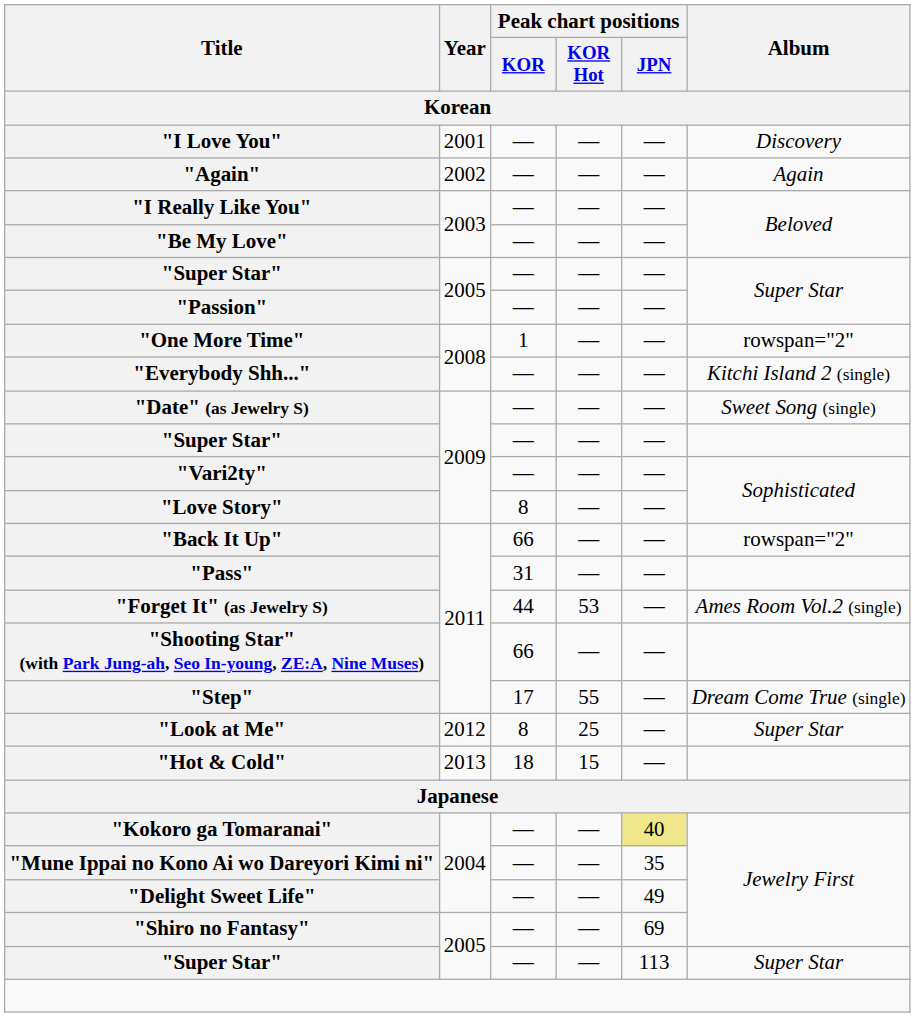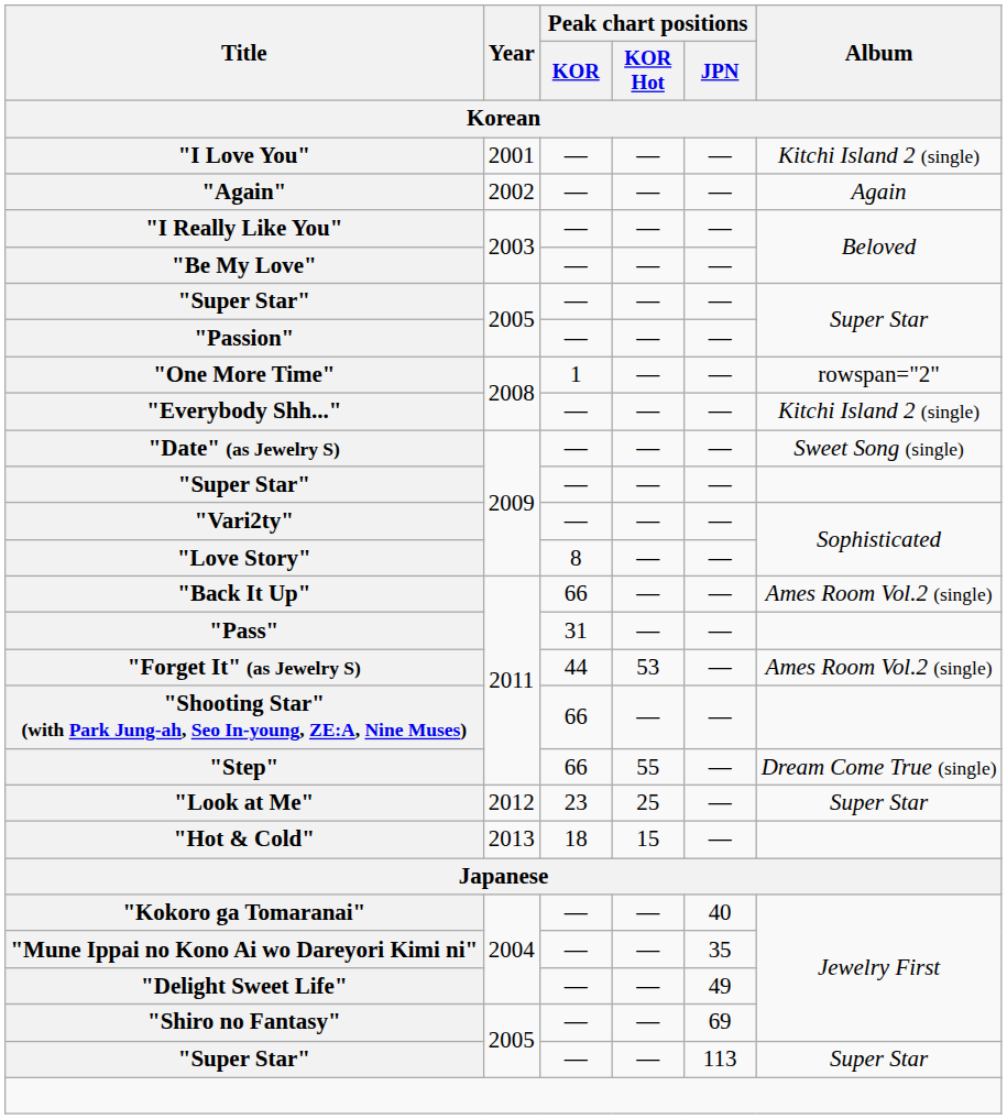 <table class="wikitable plainrowheaders" style="text-align:center;">
 <tr>
 <th scope="col" rowspan="2">Title</th>
 <th scope="col" rowspan="2">Year</th>
 <th scope="col" colspan="3">Peak chart positions</th>
 <th scope="col" rowspan="2">Album</th>
 </tr>
 <tr>
 <th scope="col" style="width:3em;font-size:90%;"><a href='#'>KOR</a><br></th>
 <th scope="col" style="width:3em;font-size:90%;"><a href='#'>KOR Hot</a><br></th>
 <th scope="col" style="width:3em;font-size:90%;"><a href='#'>JPN</a><br></th>
 </tr>
 <tr>
 <th scope="col" colspan="6">Korean</th>
 </tr>
 <tr>
 <th scope="row">"I Love You"</th>
 <td>2001</td>
 <td>—</td>
 <td>—</td>
 <td>—</td>
-<td><em>Discovery</em></td>
+<td><em>Kitchi Island 2</em> <small>(single)</small></td>
 </tr>
 <tr>
 <th scope="row">"Again"</th>
 <td>2002</td>
 <td>—</td>
 <td>—</td>
 <td>—</td>
 <td><em>Again</em></td>
 </tr>
 <tr>
 <th scope="row">"I Really Like You"</th>
 <td rowspan="2">2003</td>
 <td>—</td>
 <td>—</td>
 <td>—</td>
 <td rowspan="2"><em>Beloved</em></td>
 </tr>
 <tr>
 <th scope="row">"Be My Love"</th>
 <td>—</td>
 <td>—</td>
 <td>—</td>
 </tr>
 <tr>
 <th scope="row">"Super Star"</th>
 <td rowspan="2">2005</td>
 <td>—</td>
 <td>—</td>
 <td>—</td>
 <td rowspan="2"><em>Super Star</em></td>
 </tr>
 <tr>
 <th scope="row">"Passion"</th>
 <td>—</td>
 <td>—</td>
 <td>—</td>
 </tr>
 <tr>
 <th scope="row">"One More Time"</th>
 <td rowspan="2">2008</td>
 <td>1</td>
 <td>—</td>
 <td>—</td>
 <td>rowspan="2" </td>
 </tr>
 <tr>
 <th scope="row">"Everybody Shh..."</th>
 <td>—</td>
 <td>—</td>
 <td>—</td>
 <td><em>Kitchi Island 2</em> <small>(single)</small></td>
 </tr>
 <tr>
 <th scope="row">"Date" <small>(as Jewelry S)</small></th>
 <td rowspan="4">2009</td>
 <td>—</td>
 <td>—</td>
 <td>—</td>
 <td><em>Sweet Song</em> <small>(single)</small></td>
 </tr>
 <tr>
 <th scope="row">"Super Star"</th>
 <td>—</td>
 <td>—</td>
 <td>—</td>
 <td></td>
 </tr>
 <tr>
 <th scope="row">"Vari2ty"</th>
 <td>—</td>
 <td>—</td>
 <td>—</td>
 <td rowspan="2"><em>Sophisticated</em></td>
 </tr>
 <tr>
 <th scope="row">"Love Story"</th>
 <td>8</td>
 <td>—</td>
 <td>—</td>
 </tr>
 <tr>
 <th scope="row">"Back It Up"</th>
 <td rowspan="5">2011</td>
 <td>66</td>
 <td>—</td>
 <td>—</td>
-<td>rowspan="2" </td>
+<td><em>Ames Room Vol.2</em> <small>(single)</small></td>
 </tr>
 <tr>
 <th scope="row">"Pass"</th>
 <td>31</td>
 <td>—</td>
 <td>—</td>
 </tr>
 <tr>
 <th scope="row">"Forget It" <small>(as Jewelry S)</small></th>
 <td>44</td>
 <td>53</td>
 <td>—</td>
 <td><em>Ames Room Vol.2</em> <small>(single)</small></td>
 </tr>
 <tr>
 <th scope="row">"Shooting Star" <br><small>(with <a href='#'>Park Jung-ah</a>, <a href='#'>Seo In-young</a>, <a href='#'>ZE:A</a>, <a href='#'>Nine Muses</a>)</small></th>
 <td>66</td>
 <td>—</td>
 <td>—</td>
 <td></td>
 </tr>
 <tr>
 <th scope="row">"Step"</th>
-<td>17</td>
+<td>66</td>
 <td>55</td>
 <td>—</td>
 <td><em>Dream Come True</em> <small>(single)</small></td>
 </tr>
 <tr>
 <th scope="row">"Look at Me"</th>
 <td>2012</td>
-<td>8</td>
+<td>23</td>
 <td>25</td>
 <td>—</td>
 <td><em>Super Star</em></td>
 </tr>
 <tr>
 <th scope="row">"Hot & Cold"</th>
 <td>2013</td>
 <td>18</td>
 <td>15</td>
 <td>—</td>
 <td></td>
 </tr>
 <tr>
 <th scope="col" colspan="6">Japanese</th>
 </tr>
 <tr>
 <th scope="row">"Kokoro ga Tomaranai"</th>
 <td rowspan="3">2004</td>
 <td>—</td>
 <td>—</td>
-<td style="background: khaki;">40</td>
+<td>40</td>
 <td rowspan="4"><em>Jewelry First</em></td>
 </tr>
 <tr>
 <th scope="row">"Mune Ippai no Kono Ai wo Dareyori Kimi ni"</th>
 <td>—</td>
 <td>—</td>
 <td>35</td>
 </tr>
 <tr>
 <th scope="row">"Delight Sweet Life"</th>
 <td>—</td>
 <td>—</td>
 <td>49</td>
 </tr>
 <tr>
 <th scope="row">"Shiro no Fantasy"</th>
 <td rowspan="2">2005</td>
 <td>—</td>
 <td>—</td>
 <td>69</td>
 </tr>
 <tr>
 <th scope="row">"Super Star"</th>
 <td>—</td>
 <td>—</td>
 <td>113</td>
 <td><em>Super Star</em></td>
 </tr>
 <tr>
 <td colspan="6"><br></td>
 </tr>
 </table>
